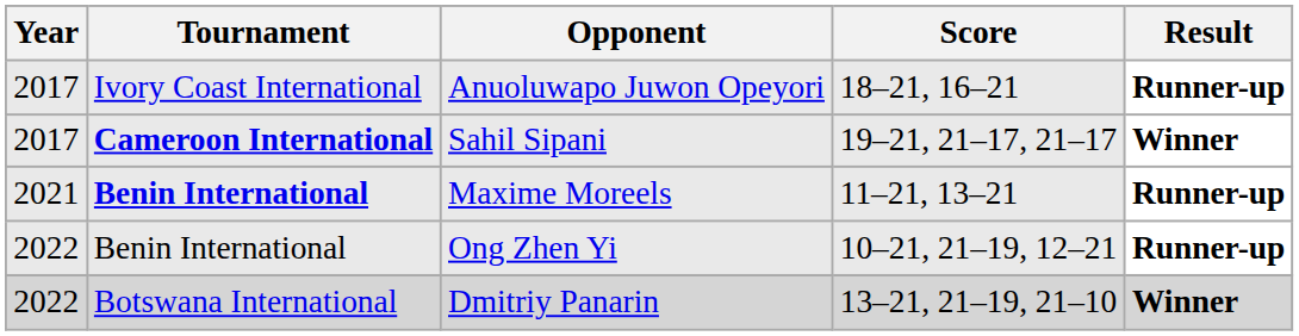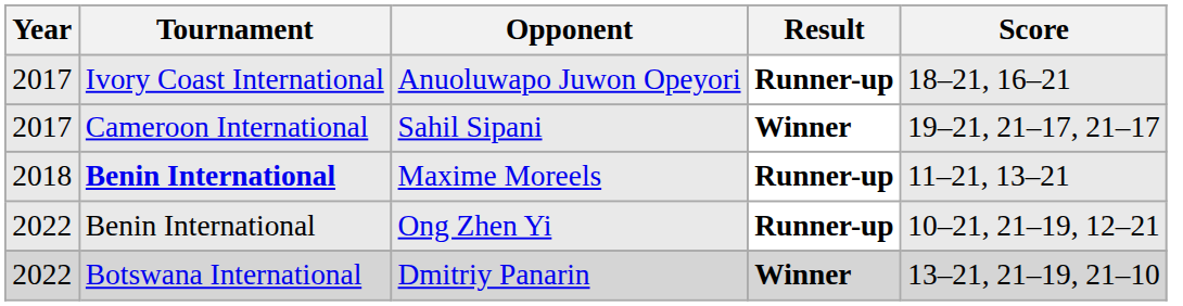 <table class="sortable wikitable" style="font-size: 90%;">
 <tr>
 <th>Year</th>
 <th>Tournament</th>
 <th>Opponent</th>
+<th>Result</th>
 <th>Score</th>
-<th>Result</th>
 </tr>
 <tr style="background:#E9E9E9">
 <td align="center">2017</td>
 <td align="left"><a href='#'>Ivory Coast International</a></td>
 <td align="left"> <a href='#'>Anuoluwapo Juwon Opeyori</a></td>
+<td style="text-align:left; background:white"> <strong>Runner-up</strong></td>
 <td align="left">18–21, 16–21</td>
-<td style="text-align:left; background:white"> <strong>Runner-up</strong></td>
 </tr>
 <tr style="background:#E9E9E9">
 <td align="center">2017</td>
-<td align="left"><strong><a href='#'>Cameroon International</a></strong></td>
+<td align="left"><a href='#'>Cameroon International</a></td>
 <td align="left"> <a href='#'>Sahil Sipani</a></td>
+<td style="text-align:left; background:white"> <strong>Winner</strong></td>
 <td align="left">19–21, 21–17, 21–17</td>
-<td style="text-align:left; background:white"> <strong>Winner</strong></td>
 </tr>
 <tr style="background:#E9E9E9">
-<td align="center">2021</td>
+<td align="center">2018</td>
 <td align="left"><strong><a href='#'>Benin International</a></strong></td>
 <td align="left"> <a href='#'>Maxime Moreels</a></td>
+<td style="text-align:left; background:white"> <strong>Runner-up</strong></td>
 <td align="left">11–21, 13–21</td>
-<td style="text-align:left; background:white"> <strong>Runner-up</strong></td>
 </tr>
 <tr style="background:#E9E9E9">
 <td align="center">2022</td>
 <td align="left">Benin International</td>
 <td align="left"> <a href='#'>Ong Zhen Yi</a></td>
+<td style="text-align:left; background:white"> <strong>Runner-up</strong></td>
 <td align="left">10–21, 21–19, 12–21</td>
-<td style="text-align:left; background:white"> <strong>Runner-up</strong></td>
 </tr>
 <tr style="background:#D5D5D5">
 <td align=center>2022</td>
 <td align=left><a href='#'>Botswana International</a></td>
 <td align=left> <a href='#'>Dmitriy Panarin</a></td>
+<td align=left> <strong>Winner</strong></td>
 <td align=left>13–21, 21–19, 21–10</td>
-<td align=left> <strong>Winner</strong></td>
 </tr>
 </table>
